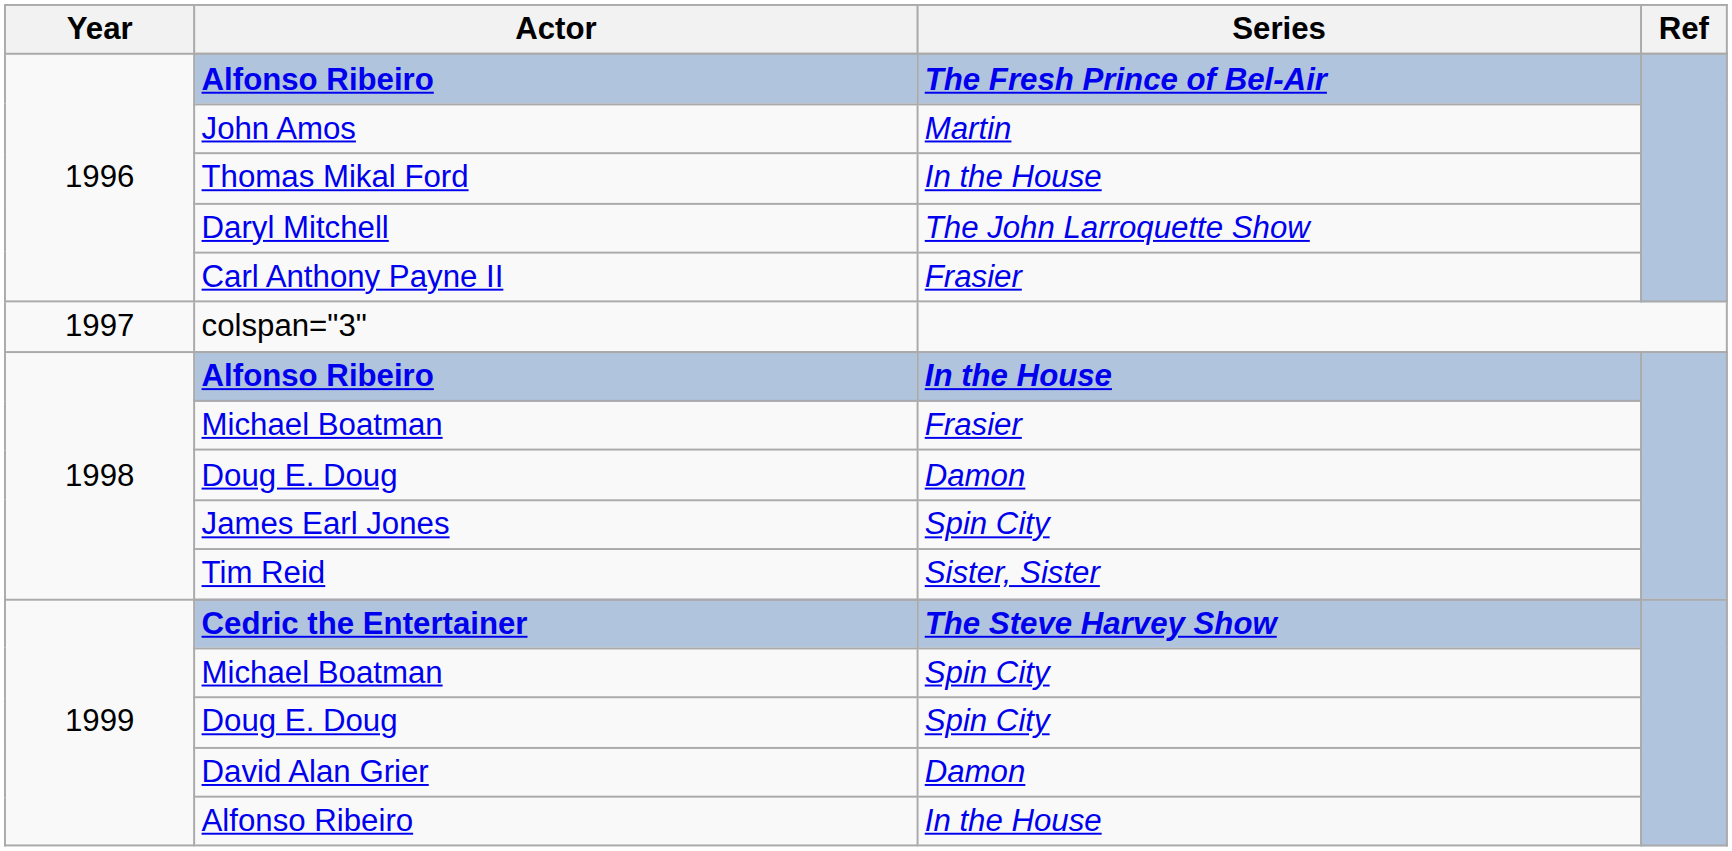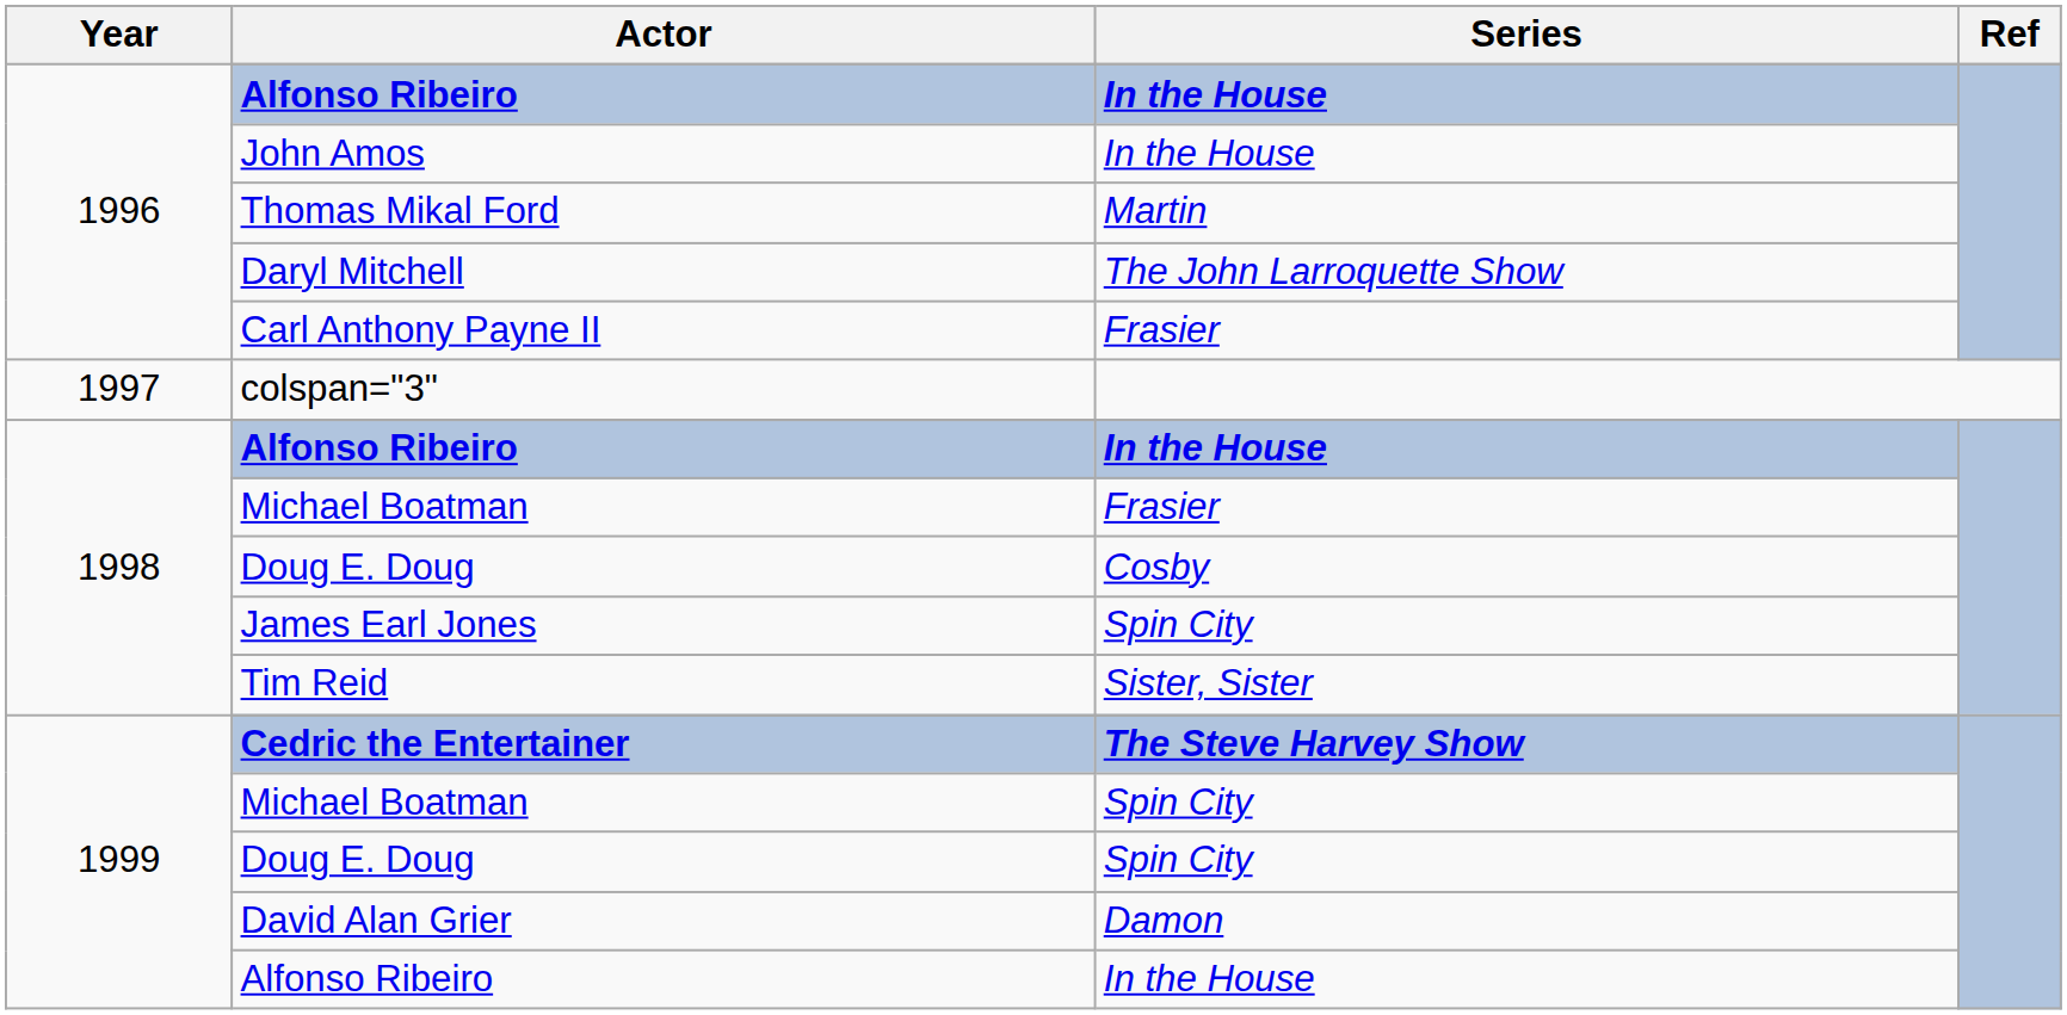 <table class="wikitable" style="width:100%;">
 <tr style="background:#bebebe;">
 <th style="width:11%;">Year</th>
 <th style="width:42%;">Actor</th>
 <th style="width:42%;">Series</th>
 <th style="width:5%;">Ref</th>
 </tr>
 <tr>
 <td rowspan="6" align="center">1996</td>
 </tr>
 <tr style="background:#B0C4DE">
 <td><strong><a href='#'>Alfonso Ribeiro</a></strong></td>
-<td><strong><em><a href='#'>The Fresh Prince of Bel-Air</a></em></strong></td>
+<td><strong><em><a href='#'>In the House</a></em></strong></td>
 <td rowspan="5" align="center"></td>
 </tr>
 <tr>
 <td><a href='#'>John Amos</a></td>
-<td><em><a href='#'>Martin</a></em></td>
+<td><em><a href='#'>In the House</a></em></td>
 </tr>
 <tr>
 <td><a href='#'>Thomas Mikal Ford</a></td>
-<td><em><a href='#'>In the House</a></em></td>
+<td><em><a href='#'>Martin</a></em></td>
 </tr>
 <tr>
 <td><a href='#'>Daryl Mitchell</a></td>
 <td><em><a href='#'>The John Larroquette Show</a></em></td>
 </tr>
 <tr>
 <td><a href='#'>Carl Anthony Payne II</a></td>
 <td><em><a href='#'>Frasier</a></em></td>
 </tr>
 <tr>
 <td align="center">1997</td>
 <td>colspan="3" </td>
 </tr>
 <tr>
 <td rowspan="6" align="center">1998</td>
 </tr>
 <tr style="background:#B0C4DE">
 <td><strong><a href='#'>Alfonso Ribeiro</a></strong></td>
 <td><strong><em><a href='#'>In the House</a></em></strong></td>
 <td rowspan="6" align="center"></td>
 </tr>
 <tr>
 <td><a href='#'>Michael Boatman</a></td>
 <td><em><a href='#'>Frasier</a></em></td>
 </tr>
 <tr>
 <td><a href='#'>Doug E. Doug</a></td>
-<td><em><a href='#'>Damon</a></em></td>
+<td><em><a href='#'>Cosby</a></em></td>
 </tr>
 <tr>
 <td><a href='#'>James Earl Jones</a></td>
 <td><em><a href='#'>Spin City</a></em></td>
 </tr>
 <tr>
 <td><a href='#'>Tim Reid</a></td>
 <td><em><a href='#'>Sister, Sister</a></em></td>
 </tr>
 <tr>
 <td rowspan="6" align="center">1999</td>
 </tr>
 <tr style="background:#B0C4DE">
 <td><strong><a href='#'>Cedric the Entertainer</a></strong></td>
 <td><strong><em><a href='#'>The Steve Harvey Show</a></em></strong></td>
 <td rowspan="6" align="center"></td>
 </tr>
 <tr>
 <td><a href='#'>Michael Boatman</a></td>
 <td><em><a href='#'>Spin City</a></em></td>
 </tr>
 <tr>
 <td><a href='#'>Doug E. Doug</a></td>
 <td><em><a href='#'>Spin City</a></em></td>
 </tr>
 <tr>
 <td><a href='#'>David Alan Grier</a></td>
 <td><em><a href='#'>Damon</a></em></td>
 </tr>
 <tr>
 <td><a href='#'>Alfonso Ribeiro</a></td>
 <td><em><a href='#'>In the House</a></em></td>
 </tr>
 </table>
